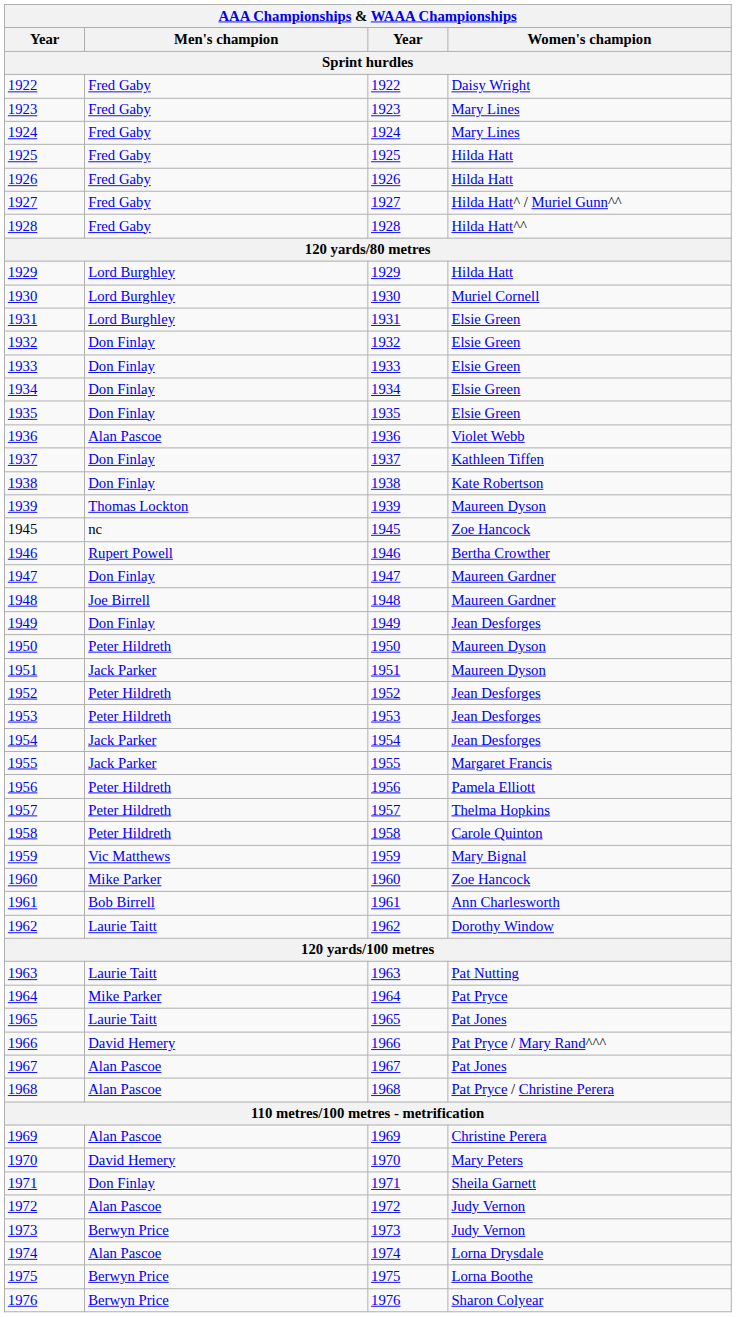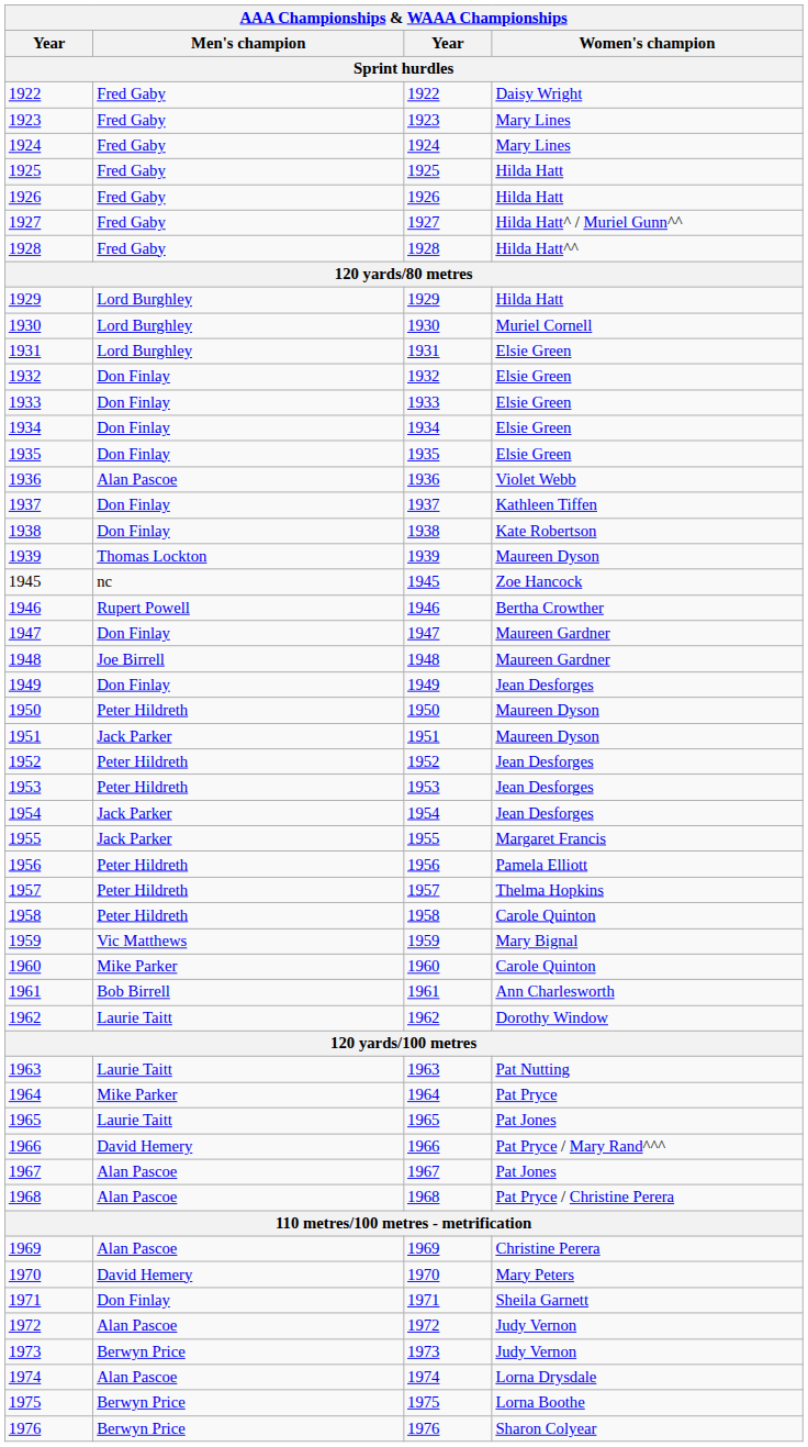 <table class="wikitable">
 <tr>
 <th colspan="4"><a href='#'>AAA Championships</a> & <a href='#'>WAAA Championships</a></th>
 </tr>
 <tr>
 <th width=80>Year</th>
 <th width=300>Men's champion</th>
 <th width=80>Year</th>
 <th width=300>Women's champion</th>
 </tr>
 <tr>
 <th colspan="4"><strong>Sprint hurdles</strong></th>
 </tr>
 <tr>
 <td><a href='#'>1922</a></td>
 <td><a href='#'>Fred Gaby</a></td>
 <td><a href='#'>1922</a></td>
 <td><a href='#'>Daisy Wright</a></td>
 </tr>
 <tr>
 <td><a href='#'>1923</a></td>
 <td><a href='#'>Fred Gaby</a></td>
 <td><a href='#'>1923</a></td>
 <td><a href='#'>Mary Lines</a></td>
 </tr>
 <tr>
 <td><a href='#'>1924</a></td>
 <td><a href='#'>Fred Gaby</a></td>
 <td><a href='#'>1924</a></td>
 <td><a href='#'>Mary Lines</a></td>
 </tr>
 <tr>
 <td><a href='#'>1925</a></td>
 <td><a href='#'>Fred Gaby</a></td>
 <td><a href='#'>1925</a></td>
 <td><a href='#'>Hilda Hatt</a></td>
 </tr>
 <tr>
 <td><a href='#'>1926</a></td>
 <td><a href='#'>Fred Gaby</a></td>
 <td><a href='#'>1926</a></td>
 <td><a href='#'>Hilda Hatt</a></td>
 </tr>
 <tr>
 <td><a href='#'>1927</a></td>
 <td><a href='#'>Fred Gaby</a></td>
 <td><a href='#'>1927</a></td>
 <td><a href='#'>Hilda Hatt</a>^ / <a href='#'>Muriel Gunn</a>^^</td>
 </tr>
 <tr>
 <td><a href='#'>1928</a></td>
 <td><a href='#'>Fred Gaby</a></td>
 <td><a href='#'>1928</a></td>
 <td><a href='#'>Hilda Hatt</a>^^</td>
 </tr>
 <tr>
 <th colspan="4"><strong>120 yards/80 metres</strong></th>
 </tr>
 <tr>
 <td><a href='#'>1929</a></td>
 <td><a href='#'>Lord Burghley</a></td>
 <td><a href='#'>1929</a></td>
 <td><a href='#'>Hilda Hatt</a></td>
 </tr>
 <tr>
 <td><a href='#'>1930</a></td>
 <td><a href='#'>Lord Burghley</a></td>
 <td><a href='#'>1930</a></td>
 <td><a href='#'>Muriel Cornell</a></td>
 </tr>
 <tr>
 <td><a href='#'>1931</a></td>
 <td><a href='#'>Lord Burghley</a></td>
 <td><a href='#'>1931</a></td>
 <td><a href='#'>Elsie Green</a></td>
 </tr>
 <tr>
 <td><a href='#'>1932</a></td>
 <td><a href='#'>Don Finlay</a></td>
 <td><a href='#'>1932</a></td>
 <td><a href='#'>Elsie Green</a></td>
 </tr>
 <tr>
 <td><a href='#'>1933</a></td>
 <td><a href='#'>Don Finlay</a></td>
 <td><a href='#'>1933</a></td>
 <td><a href='#'>Elsie Green</a></td>
 </tr>
 <tr>
 <td><a href='#'>1934</a></td>
 <td><a href='#'>Don Finlay</a></td>
 <td><a href='#'>1934</a></td>
 <td><a href='#'>Elsie Green</a></td>
 </tr>
 <tr>
 <td><a href='#'>1935</a></td>
 <td><a href='#'>Don Finlay</a></td>
 <td><a href='#'>1935</a></td>
 <td><a href='#'>Elsie Green</a></td>
 </tr>
 <tr>
 <td><a href='#'>1936</a></td>
 <td><a href='#'>Alan Pascoe</a></td>
 <td><a href='#'>1936</a></td>
 <td><a href='#'>Violet Webb</a></td>
 </tr>
 <tr>
 <td><a href='#'>1937</a></td>
 <td><a href='#'>Don Finlay</a></td>
 <td><a href='#'>1937</a></td>
 <td><a href='#'>Kathleen Tiffen</a></td>
 </tr>
 <tr>
 <td><a href='#'>1938</a></td>
 <td><a href='#'>Don Finlay</a></td>
 <td><a href='#'>1938</a></td>
 <td><a href='#'>Kate Robertson</a></td>
 </tr>
 <tr>
 <td><a href='#'>1939</a></td>
 <td><a href='#'>Thomas Lockton</a></td>
 <td><a href='#'>1939</a></td>
 <td><a href='#'>Maureen Dyson</a></td>
 </tr>
 <tr>
 <td>1945</td>
 <td>nc</td>
 <td><a href='#'>1945</a></td>
 <td><a href='#'>Zoe Hancock</a></td>
 </tr>
 <tr>
 <td><a href='#'>1946</a></td>
 <td><a href='#'>Rupert Powell</a></td>
 <td><a href='#'>1946</a></td>
 <td><a href='#'>Bertha Crowther</a></td>
 </tr>
 <tr>
 <td><a href='#'>1947</a></td>
 <td><a href='#'>Don Finlay</a></td>
 <td><a href='#'>1947</a></td>
 <td><a href='#'>Maureen Gardner</a></td>
 </tr>
 <tr>
 <td><a href='#'>1948</a></td>
 <td><a href='#'>Joe Birrell</a></td>
 <td><a href='#'>1948</a></td>
 <td><a href='#'>Maureen Gardner</a></td>
 </tr>
 <tr>
 <td><a href='#'>1949</a></td>
 <td><a href='#'>Don Finlay</a></td>
 <td><a href='#'>1949</a></td>
 <td><a href='#'>Jean Desforges</a></td>
 </tr>
 <tr>
 <td><a href='#'>1950</a></td>
 <td><a href='#'>Peter Hildreth</a></td>
 <td><a href='#'>1950</a></td>
 <td><a href='#'>Maureen Dyson</a></td>
 </tr>
 <tr>
 <td><a href='#'>1951</a></td>
 <td><a href='#'>Jack Parker</a></td>
 <td><a href='#'>1951</a></td>
 <td><a href='#'>Maureen Dyson</a></td>
 </tr>
 <tr>
 <td><a href='#'>1952</a></td>
 <td><a href='#'>Peter Hildreth</a></td>
 <td><a href='#'>1952</a></td>
 <td><a href='#'>Jean Desforges</a></td>
 </tr>
 <tr>
 <td><a href='#'>1953</a></td>
 <td><a href='#'>Peter Hildreth</a></td>
 <td><a href='#'>1953</a></td>
 <td><a href='#'>Jean Desforges</a></td>
 </tr>
 <tr>
 <td><a href='#'>1954</a></td>
 <td><a href='#'>Jack Parker</a></td>
 <td><a href='#'>1954</a></td>
 <td><a href='#'>Jean Desforges</a></td>
 </tr>
 <tr>
 <td><a href='#'>1955</a></td>
 <td><a href='#'>Jack Parker</a></td>
 <td><a href='#'>1955</a></td>
 <td><a href='#'>Margaret Francis</a></td>
 </tr>
 <tr>
 <td><a href='#'>1956</a></td>
 <td><a href='#'>Peter Hildreth</a></td>
 <td><a href='#'>1956</a></td>
 <td><a href='#'>Pamela Elliott</a></td>
 </tr>
 <tr>
 <td><a href='#'>1957</a></td>
 <td><a href='#'>Peter Hildreth</a></td>
 <td><a href='#'>1957</a></td>
 <td><a href='#'>Thelma Hopkins</a></td>
 </tr>
 <tr>
 <td><a href='#'>1958</a></td>
 <td><a href='#'>Peter Hildreth</a></td>
 <td><a href='#'>1958</a></td>
 <td><a href='#'>Carole Quinton</a></td>
 </tr>
 <tr>
 <td><a href='#'>1959</a></td>
 <td><a href='#'>Vic Matthews</a></td>
 <td><a href='#'>1959</a></td>
 <td><a href='#'>Mary Bignal</a></td>
 </tr>
 <tr>
 <td><a href='#'>1960</a></td>
 <td><a href='#'>Mike Parker</a></td>
 <td><a href='#'>1960</a></td>
-<td><a href='#'>Zoe Hancock</a></td>
+<td><a href='#'>Carole Quinton</a></td>
 </tr>
 <tr>
 <td><a href='#'>1961</a></td>
 <td><a href='#'>Bob Birrell</a></td>
 <td><a href='#'>1961</a></td>
 <td><a href='#'>Ann Charlesworth</a></td>
 </tr>
 <tr>
 <td><a href='#'>1962</a></td>
 <td><a href='#'>Laurie Taitt</a></td>
 <td><a href='#'>1962</a></td>
 <td><a href='#'>Dorothy Window</a></td>
 </tr>
 <tr>
 <th colspan="4"><strong>120 yards/100 metres</strong></th>
 </tr>
 <tr>
 <td><a href='#'>1963</a></td>
 <td><a href='#'>Laurie Taitt</a></td>
 <td><a href='#'>1963</a></td>
 <td><a href='#'>Pat Nutting</a></td>
 </tr>
 <tr>
 <td><a href='#'>1964</a></td>
 <td><a href='#'>Mike Parker</a></td>
 <td><a href='#'>1964</a></td>
 <td><a href='#'>Pat Pryce</a></td>
 </tr>
 <tr>
 <td><a href='#'>1965</a></td>
 <td><a href='#'>Laurie Taitt</a></td>
 <td><a href='#'>1965</a></td>
 <td><a href='#'>Pat Jones</a></td>
 </tr>
 <tr>
 <td><a href='#'>1966</a></td>
 <td><a href='#'>David Hemery</a></td>
 <td><a href='#'>1966</a></td>
 <td><a href='#'>Pat Pryce</a> / <a href='#'>Mary Rand</a>^^^</td>
 </tr>
 <tr>
 <td><a href='#'>1967</a></td>
 <td><a href='#'>Alan Pascoe</a></td>
 <td><a href='#'>1967</a></td>
 <td><a href='#'>Pat Jones</a></td>
 </tr>
 <tr>
 <td><a href='#'>1968</a></td>
 <td><a href='#'>Alan Pascoe</a></td>
 <td><a href='#'>1968</a></td>
 <td><a href='#'>Pat Pryce</a> / <a href='#'>Christine Perera</a></td>
 </tr>
 <tr>
 <th colspan="4"><strong>110 metres/100 metres - metrification</strong></th>
 </tr>
 <tr>
 <td><a href='#'>1969</a></td>
 <td><a href='#'>Alan Pascoe</a></td>
 <td><a href='#'>1969</a></td>
 <td><a href='#'>Christine Perera</a></td>
 </tr>
 <tr>
 <td><a href='#'>1970</a></td>
 <td><a href='#'>David Hemery</a></td>
 <td><a href='#'>1970</a></td>
 <td><a href='#'>Mary Peters</a></td>
 </tr>
 <tr>
 <td><a href='#'>1971</a></td>
 <td><a href='#'>Don Finlay</a></td>
 <td><a href='#'>1971</a></td>
 <td><a href='#'>Sheila Garnett</a></td>
 </tr>
 <tr>
 <td><a href='#'>1972</a></td>
 <td><a href='#'>Alan Pascoe</a></td>
 <td><a href='#'>1972</a></td>
 <td><a href='#'>Judy Vernon</a></td>
 </tr>
 <tr>
 <td><a href='#'>1973</a></td>
 <td><a href='#'>Berwyn Price</a></td>
 <td><a href='#'>1973</a></td>
 <td><a href='#'>Judy Vernon</a></td>
 </tr>
 <tr>
 <td><a href='#'>1974</a></td>
 <td><a href='#'>Alan Pascoe</a></td>
 <td><a href='#'>1974</a></td>
 <td><a href='#'>Lorna Drysdale</a></td>
 </tr>
 <tr>
 <td><a href='#'>1975</a></td>
 <td><a href='#'>Berwyn Price</a></td>
 <td><a href='#'>1975</a></td>
 <td><a href='#'>Lorna Boothe</a></td>
 </tr>
 <tr>
 <td><a href='#'>1976</a></td>
 <td><a href='#'>Berwyn Price</a></td>
 <td><a href='#'>1976</a></td>
 <td><a href='#'>Sharon Colyear</a></td>
 </tr>
 </table>
